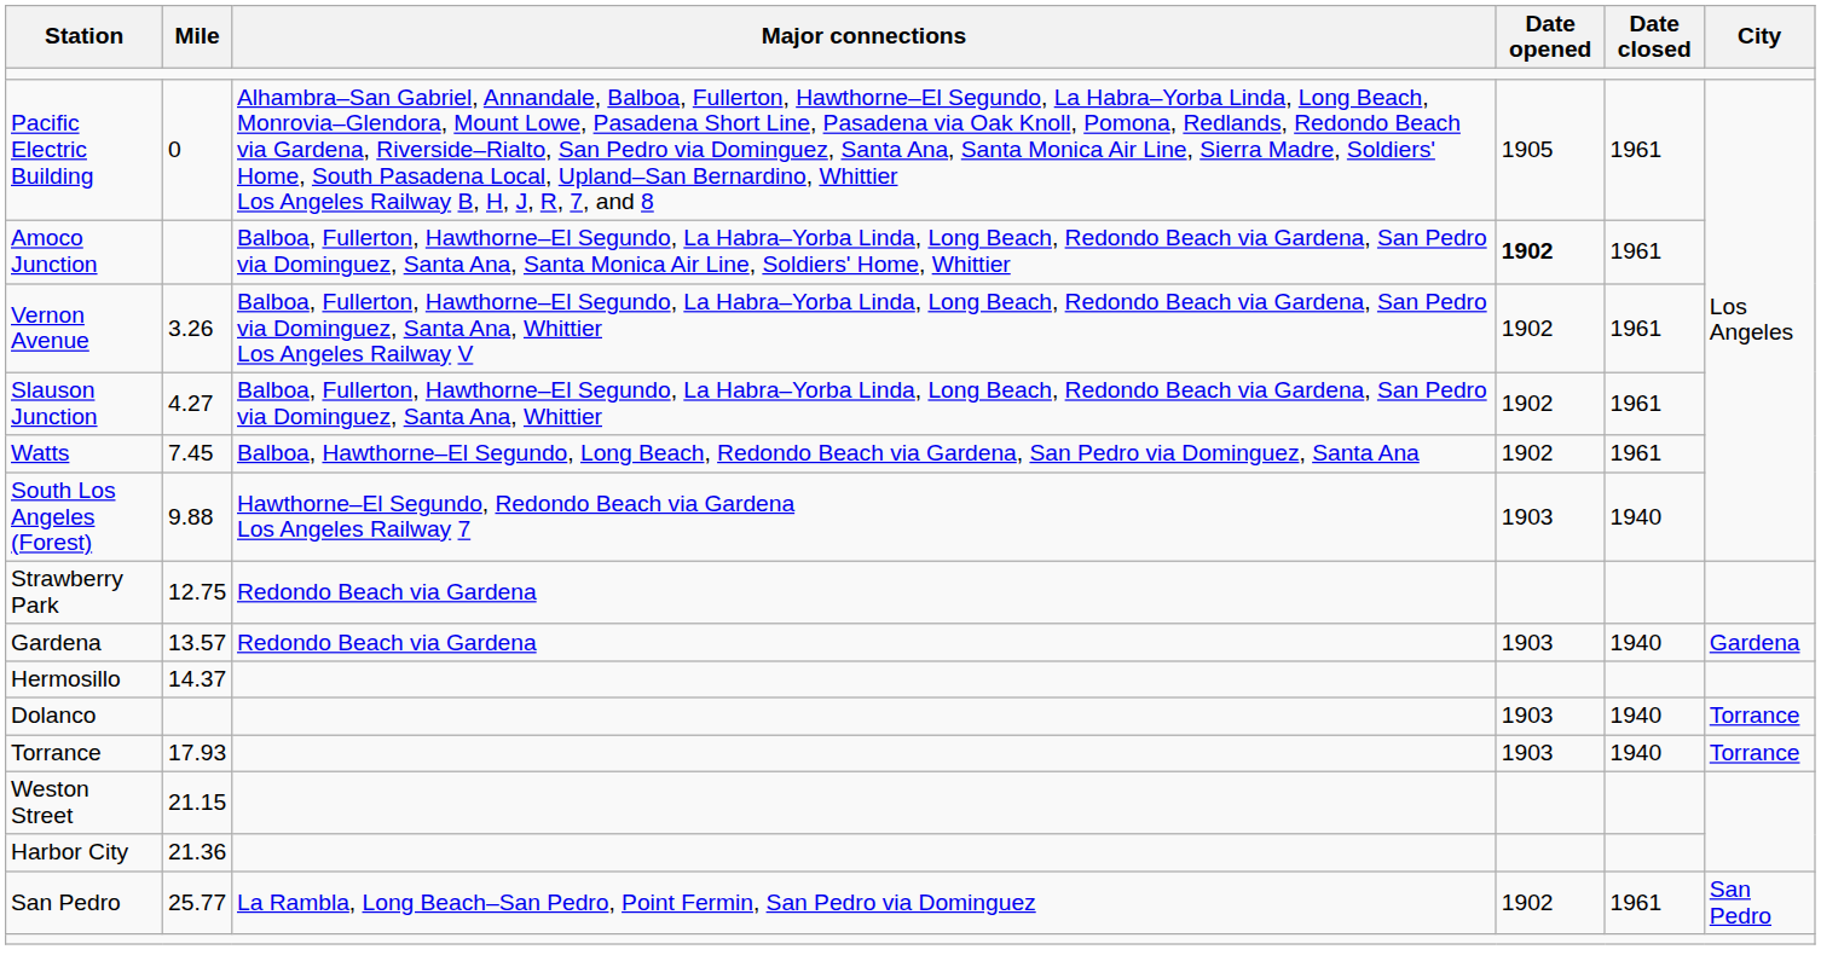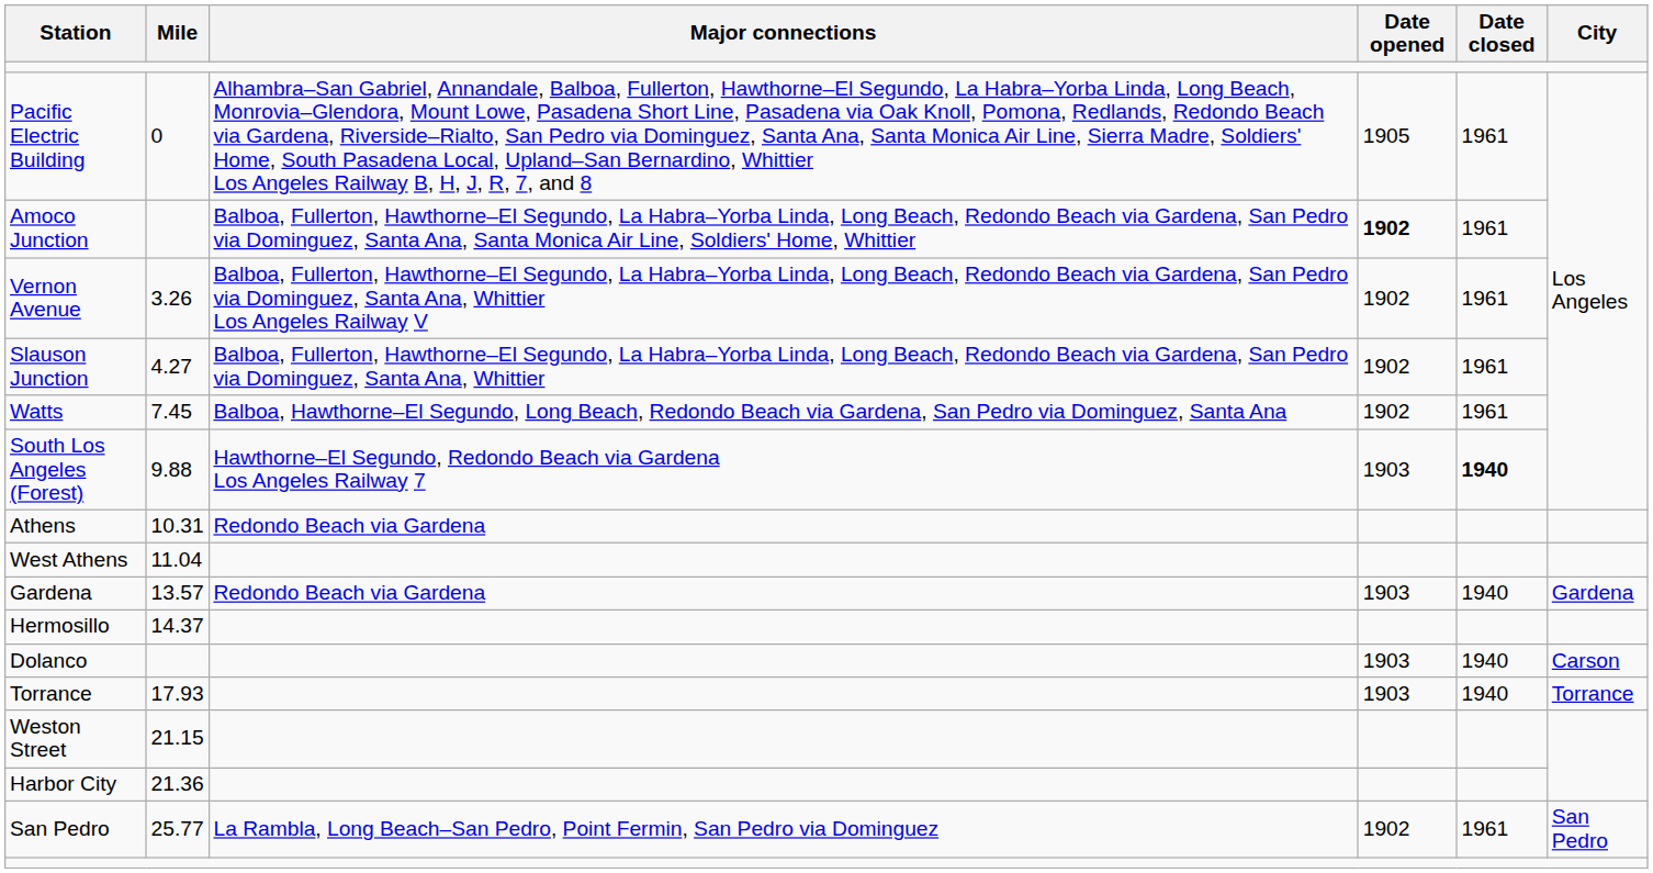 <table class="wikitable">
 <tr>
 <th>Station</th>
 <th>Mile</th>
 <th>Major connections</th>
 <th>Date opened</th>
 <th>Date closed</th>
 <th>City</th>
 </tr>
 <tr>
 <td colspan = "6"></td>
 </tr>
 <tr>
 <td><a href='#'>Pacific Electric Building</a></td>
 <td>0</td>
 <td><a href='#'>Alhambra–San Gabriel</a>, <a href='#'>Annandale</a>, <a href='#'>Balboa</a>, <a href='#'>Fullerton</a>, <a href='#'>Hawthorne–El Segundo</a>, <a href='#'>La Habra–Yorba Linda</a>, <a href='#'>Long Beach</a>, <a href='#'>Monrovia–Glendora</a>, <a href='#'>Mount Lowe</a>, <a href='#'>Pasadena Short Line</a>, <a href='#'>Pasadena via Oak Knoll</a>, <a href='#'>Pomona</a>, <a href='#'>Redlands</a>, <a href='#'>Redondo Beach via Gardena</a>, <a href='#'>Riverside–Rialto</a>, <a href='#'>San Pedro via Dominguez</a>, <a href='#'>Santa Ana</a>, <a href='#'>Santa Monica Air Line</a>, <a href='#'>Sierra Madre</a>, <a href='#'>Soldiers' Home</a>, <a href='#'>South Pasadena Local</a>, <a href='#'>Upland–San Bernardino</a>, <a href='#'>Whittier</a><br><a href='#'>Los Angeles Railway</a> <a href='#'>B</a>, <a href='#'>H</a>, <a href='#'>J</a>, <a href='#'>R</a>, <a href='#'>7</a>, and <a href='#'>8</a></td>
 <td>1905</td>
 <td>1961</td>
 <td rowspan=6>Los Angeles</td>
 </tr>
 <tr>
 <td><a href='#'>Amoco Junction</a></td>
 <td></td>
 <td><a href='#'>Balboa</a>, <a href='#'>Fullerton</a>, <a href='#'>Hawthorne–El Segundo</a>, <a href='#'>La Habra–Yorba Linda</a>, <a href='#'>Long Beach</a>, <a href='#'>Redondo Beach via Gardena</a>, <a href='#'>San Pedro via Dominguez</a>, <a href='#'>Santa Ana</a>, <a href='#'>Santa Monica Air Line</a>, <a href='#'>Soldiers' Home</a>, <a href='#'>Whittier</a></td>
 <td><strong>1902</strong></td>
 <td>1961</td>
 </tr>
 <tr>
 <td><a href='#'>Vernon Avenue</a></td>
 <td>3.26</td>
 <td><a href='#'>Balboa</a>, <a href='#'>Fullerton</a>, <a href='#'>Hawthorne–El Segundo</a>, <a href='#'>La Habra–Yorba Linda</a>, <a href='#'>Long Beach</a>, <a href='#'>Redondo Beach via Gardena</a>, <a href='#'>San Pedro via Dominguez</a>, <a href='#'>Santa Ana</a>, <a href='#'>Whittier</a><br><a href='#'>Los Angeles Railway</a> <a href='#'>V</a></td>
 <td>1902</td>
 <td>1961</td>
 </tr>
 <tr>
 <td><a href='#'>Slauson Junction</a></td>
 <td>4.27</td>
 <td><a href='#'>Balboa</a>, <a href='#'>Fullerton</a>, <a href='#'>Hawthorne–El Segundo</a>, <a href='#'>La Habra–Yorba Linda</a>, <a href='#'>Long Beach</a>, <a href='#'>Redondo Beach via Gardena</a>, <a href='#'>San Pedro via Dominguez</a>, <a href='#'>Santa Ana</a>, <a href='#'>Whittier</a></td>
 <td>1902</td>
 <td>1961</td>
 </tr>
 <tr>
 <td><a href='#'>Watts</a></td>
 <td>7.45</td>
 <td><a href='#'>Balboa</a>, <a href='#'>Hawthorne–El Segundo</a>, <a href='#'>Long Beach</a>, <a href='#'>Redondo Beach via Gardena</a>, <a href='#'>San Pedro via Dominguez</a>, <a href='#'>Santa Ana</a></td>
 <td>1902</td>
 <td>1961</td>
 </tr>
 <tr>
 <td><a href='#'>South Los Angeles<br>(Forest)</a></td>
 <td>9.88</td>
 <td><a href='#'>Hawthorne–El Segundo</a>, <a href='#'>Redondo Beach via Gardena</a><br><a href='#'>Los Angeles Railway</a> <a href='#'>7</a></td>
 <td>1903</td>
-<td>1940</td>
+<td><strong>1940</strong></td>
 </tr>
 <tr>
-<td>Strawberry Park</td>
-<td>12.75</td>
+<td>Athens</td>
+<td>10.31</td>
 <td><a href='#'>Redondo Beach via Gardena</a></td>
+<td></td>
+<td></td>
+<td></td>
+</tr>
+<tr>
+<td>West Athens</td>
+<td>11.04</td>
+<td></td>
 <td></td>
 <td></td>
 <td></td>
 </tr>
 <tr>
 <td>Gardena</td>
 <td>13.57</td>
 <td><a href='#'>Redondo Beach via Gardena</a></td>
 <td>1903</td>
 <td>1940</td>
 <td rowspan=1><a href='#'>Gardena</a></td>
 </tr>
 <tr>
 <td>Hermosillo</td>
 <td>14.37</td>
 <td></td>
 <td></td>
 <td></td>
 </tr>
 <tr>
 <td>Dolanco</td>
 <td></td>
 <td></td>
 <td>1903</td>
 <td>1940</td>
-<td rowspan=1><a href='#'>Torrance</a></td>
+<td rowspan=1><a href='#'>Carson</a></td>
 </tr>
 <tr>
 <td>Torrance</td>
 <td>17.93</td>
 <td></td>
 <td>1903</td>
 <td>1940</td>
 <td rowspan=1><a href='#'>Torrance</a></td>
 </tr>
 <tr>
 <td>Weston Street</td>
 <td>21.15</td>
 <td></td>
 <td></td>
 <td></td>
 </tr>
 <tr>
 <td>Harbor City</td>
 <td>21.36</td>
 <td></td>
 <td></td>
 <td></td>
 </tr>
 <tr>
 <td>San Pedro</td>
 <td>25.77</td>
 <td><a href='#'>La Rambla</a>, <a href='#'>Long Beach–San Pedro</a>, <a href='#'>Point Fermin</a>, <a href='#'>San Pedro via Dominguez</a></td>
 <td>1902</td>
 <td>1961</td>
 <td rowspan=1><a href='#'>San Pedro</a></td>
 </tr>
 <tr>
 <td colspan = "6"></td>
 </tr>
 </table>
